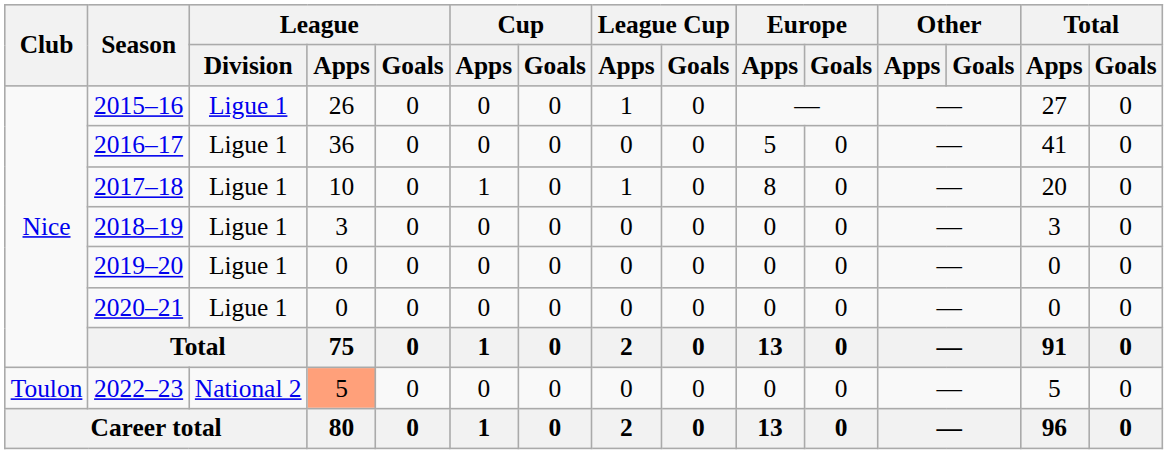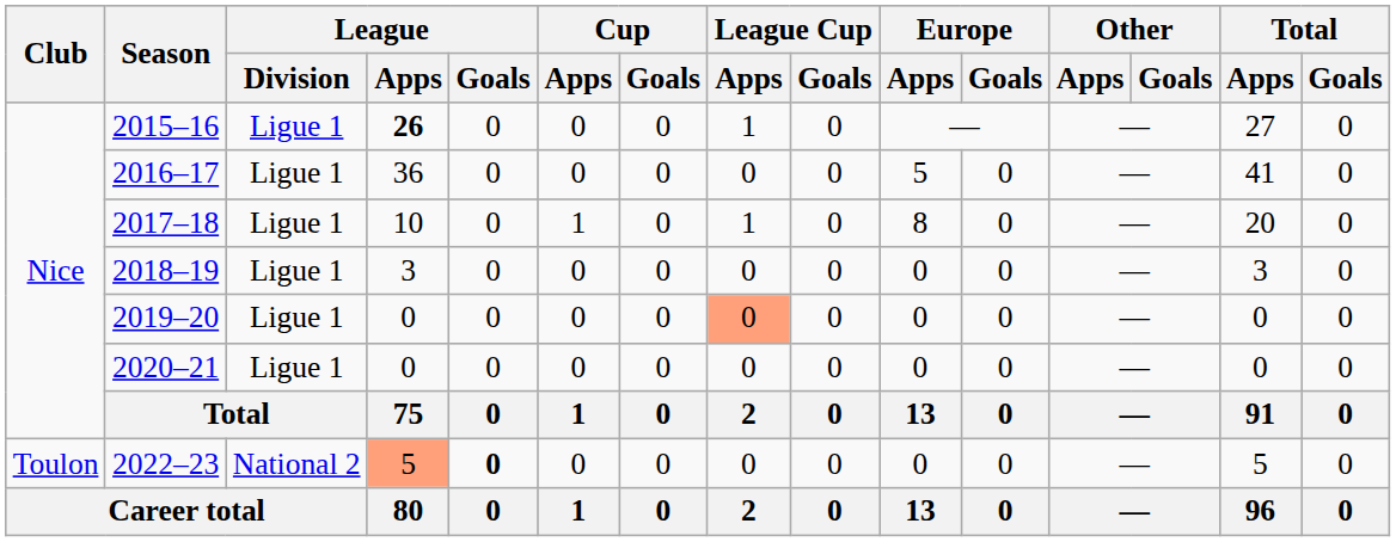 <table class="wikitable" style="text-align: center">
 <tr>
 <th rowspan="2">Club</th>
 <th rowspan="2">Season</th>
 <th colspan="3">League</th>
 <th colspan="2">Cup</th>
 <th colspan="2">League Cup</th>
 <th colspan="2">Europe</th>
 <th colspan="2">Other</th>
 <th colspan="2">Total</th>
 </tr>
 <tr>
 <th>Division</th>
 <th>Apps</th>
 <th>Goals</th>
 <th>Apps</th>
 <th>Goals</th>
 <th>Apps</th>
 <th>Goals</th>
 <th>Apps</th>
 <th>Goals</th>
 <th>Apps</th>
 <th>Goals</th>
 <th>Apps</th>
 <th>Goals</th>
 </tr>
 <tr>
 <td rowspan="7"><a href='#'>Nice</a></td>
 <td><a href='#'>2015–16</a></td>
 <td><a href='#'>Ligue 1</a></td>
-<td>26</td>
+<td><strong>26</strong></td>
 <td>0</td>
 <td>0</td>
 <td>0</td>
 <td>1</td>
 <td>0</td>
 <td colspan="2">—</td>
 <td colspan="2">—</td>
 <td>27</td>
 <td>0</td>
 </tr>
 <tr>
 <td><a href='#'>2016–17</a></td>
 <td>Ligue 1</td>
 <td>36</td>
 <td>0</td>
 <td>0</td>
 <td>0</td>
 <td>0</td>
 <td>0</td>
 <td>5</td>
 <td>0</td>
 <td colspan="2">—</td>
 <td>41</td>
 <td>0</td>
 </tr>
 <tr>
 <td><a href='#'>2017–18</a></td>
 <td>Ligue 1</td>
 <td>10</td>
 <td>0</td>
 <td>1</td>
 <td>0</td>
 <td>1</td>
 <td>0</td>
 <td>8</td>
 <td>0</td>
 <td colspan="2">—</td>
 <td>20</td>
 <td>0</td>
 </tr>
 <tr>
 <td><a href='#'>2018–19</a></td>
 <td>Ligue 1</td>
 <td>3</td>
 <td>0</td>
 <td>0</td>
 <td>0</td>
 <td>0</td>
 <td>0</td>
 <td>0</td>
 <td>0</td>
 <td colspan="2">—</td>
 <td>3</td>
 <td>0</td>
 </tr>
 <tr>
 <td><a href='#'>2019–20</a></td>
 <td>Ligue 1</td>
 <td>0</td>
 <td>0</td>
 <td>0</td>
 <td>0</td>
-<td>0</td>
+<td style="background: lightsalmon;">0</td>
 <td>0</td>
 <td>0</td>
 <td>0</td>
 <td colspan="2">—</td>
 <td>0</td>
 <td>0</td>
 </tr>
 <tr>
 <td><a href='#'>2020–21</a></td>
 <td>Ligue 1</td>
 <td>0</td>
 <td>0</td>
 <td>0</td>
 <td>0</td>
 <td>0</td>
 <td>0</td>
 <td>0</td>
 <td>0</td>
 <td colspan="2">—</td>
 <td>0</td>
 <td>0</td>
 </tr>
 <tr>
 <th colspan="2">Total</th>
 <th>75</th>
 <th>0</th>
 <th>1</th>
 <th>0</th>
 <th>2</th>
 <th>0</th>
 <th>13</th>
 <th>0</th>
 <th colspan="2">—</th>
 <th>91</th>
 <th>0</th>
 </tr>
 <tr>
 <td><a href='#'>Toulon</a></td>
 <td><a href='#'>2022–23</a></td>
 <td><a href='#'>National 2</a></td>
 <td style="background: lightsalmon;">5</td>
-<td>0</td>
+<td><strong>0</strong></td>
 <td>0</td>
 <td>0</td>
 <td>0</td>
 <td>0</td>
 <td>0</td>
 <td>0</td>
 <td colspan="2">—</td>
 <td>5</td>
 <td>0</td>
 </tr>
 <tr>
 <th colspan="3">Career total</th>
 <th>80</th>
 <th>0</th>
 <th>1</th>
 <th>0</th>
 <th>2</th>
 <th>0</th>
 <th>13</th>
 <th>0</th>
 <th colspan="2">—</th>
 <th>96</th>
 <th>0</th>
 </tr>
 </table>
